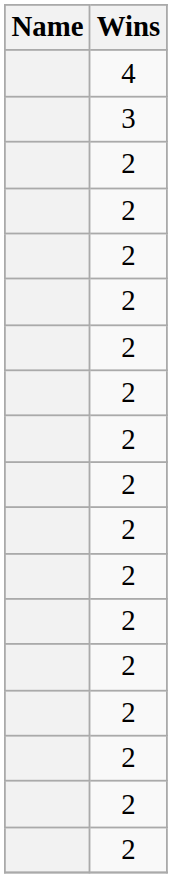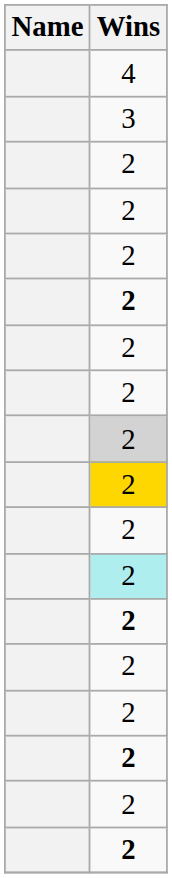 <table class="sortable wikitable plainrowheaders" style="text-align:center">
 <tr>
 <th scope=col>Name</th>
 <th scope=col data-sort-type=number>Wins</th>
 </tr>
 <tr>
 <th scope=row></th>
 <td>4</td>
 </tr>
 <tr>
 <th scope=row></th>
 <td>3</td>
 </tr>
 <tr>
 <th scope=row></th>
 <td>2</td>
 </tr>
 <tr>
 <th scope=row></th>
 <td>2</td>
 </tr>
 <tr>
 <th scope=row></th>
 <td>2</td>
 </tr>
 <tr>
 <th scope=row></th>
-<td>2</td>
+<td><strong>2</strong></td>
 </tr>
 <tr>
 <th scope=row></th>
 <td>2</td>
 </tr>
 <tr>
 <th scope=row></th>
 <td>2</td>
 </tr>
 <tr>
 <th scope=row></th>
+<td style="background: lightgrey;">2</td>
+</tr>
+<tr>
+<th scope=row></th>
+<td style="background: gold;">2</td>
+</tr>
+<tr>
+<th scope=row></th>
 <td>2</td>
+</tr>
+<tr>
+<th scope=row></th>
+<td style="background: paleturquoise;">2</td>
+</tr>
+<tr>
+<th scope=row></th>
+<td><strong>2</strong></td>
 </tr>
 <tr>
 <th scope=row></th>
 <td>2</td>
 </tr>
 <tr>
 <th scope=row></th>
 <td>2</td>
 </tr>
 <tr>
 <th scope=row></th>
-<td>2</td>
+<td><strong>2</strong></td>
 </tr>
 <tr>
 <th scope=row></th>
 <td>2</td>
 </tr>
 <tr>
 <th scope=row></th>
-<td>2</td>
-</tr>
-<tr>
-<th scope=row></th>
-<td>2</td>
-</tr>
-<tr>
-<th scope=row></th>
-<td>2</td>
-</tr>
-<tr>
-<th scope=row></th>
-<td>2</td>
-</tr>
-<tr>
-<th scope=row></th>
-<td>2</td>
+<td><strong>2</strong></td>
 </tr>
 <tr>
 </tr>
 </table>
